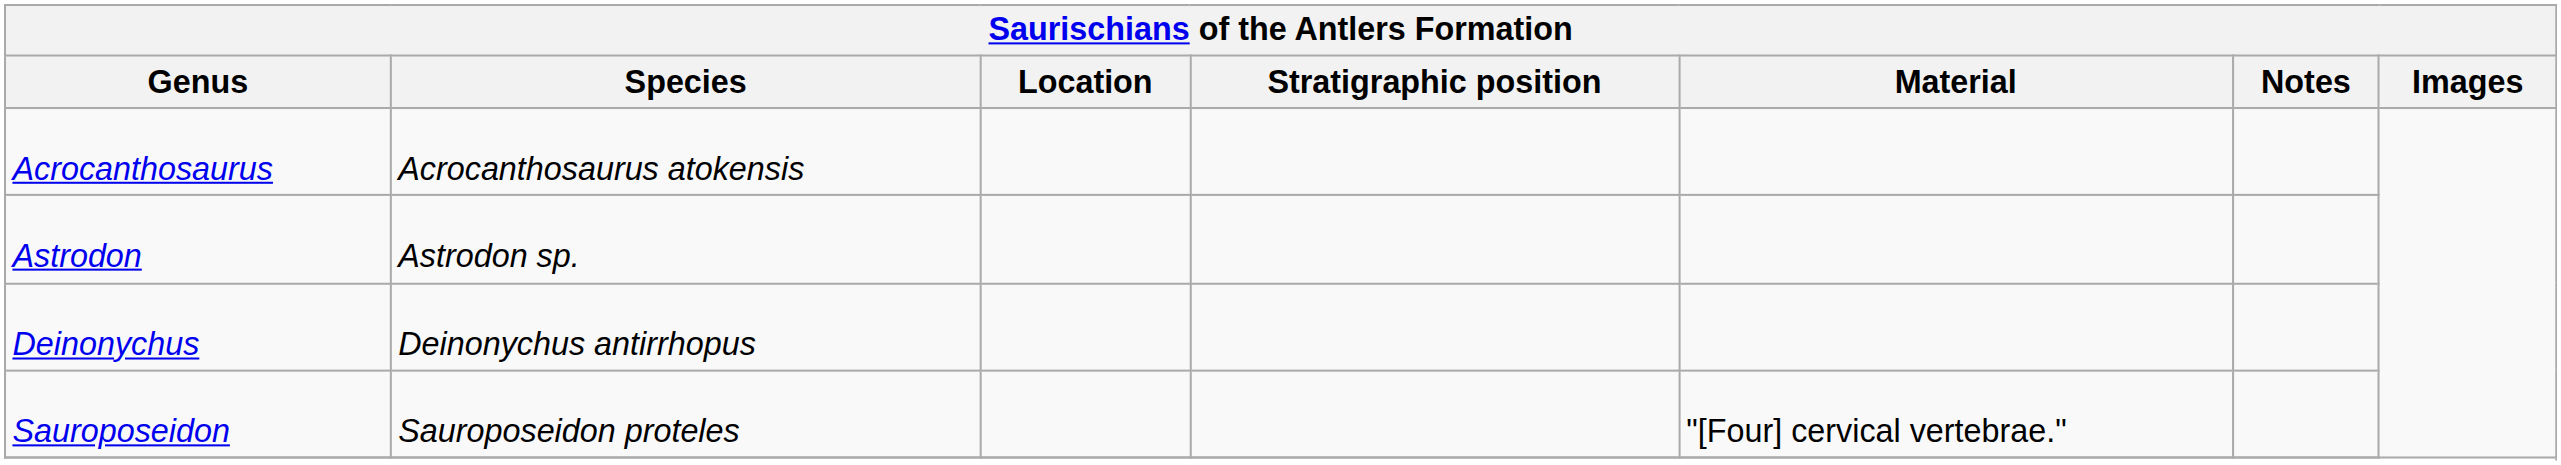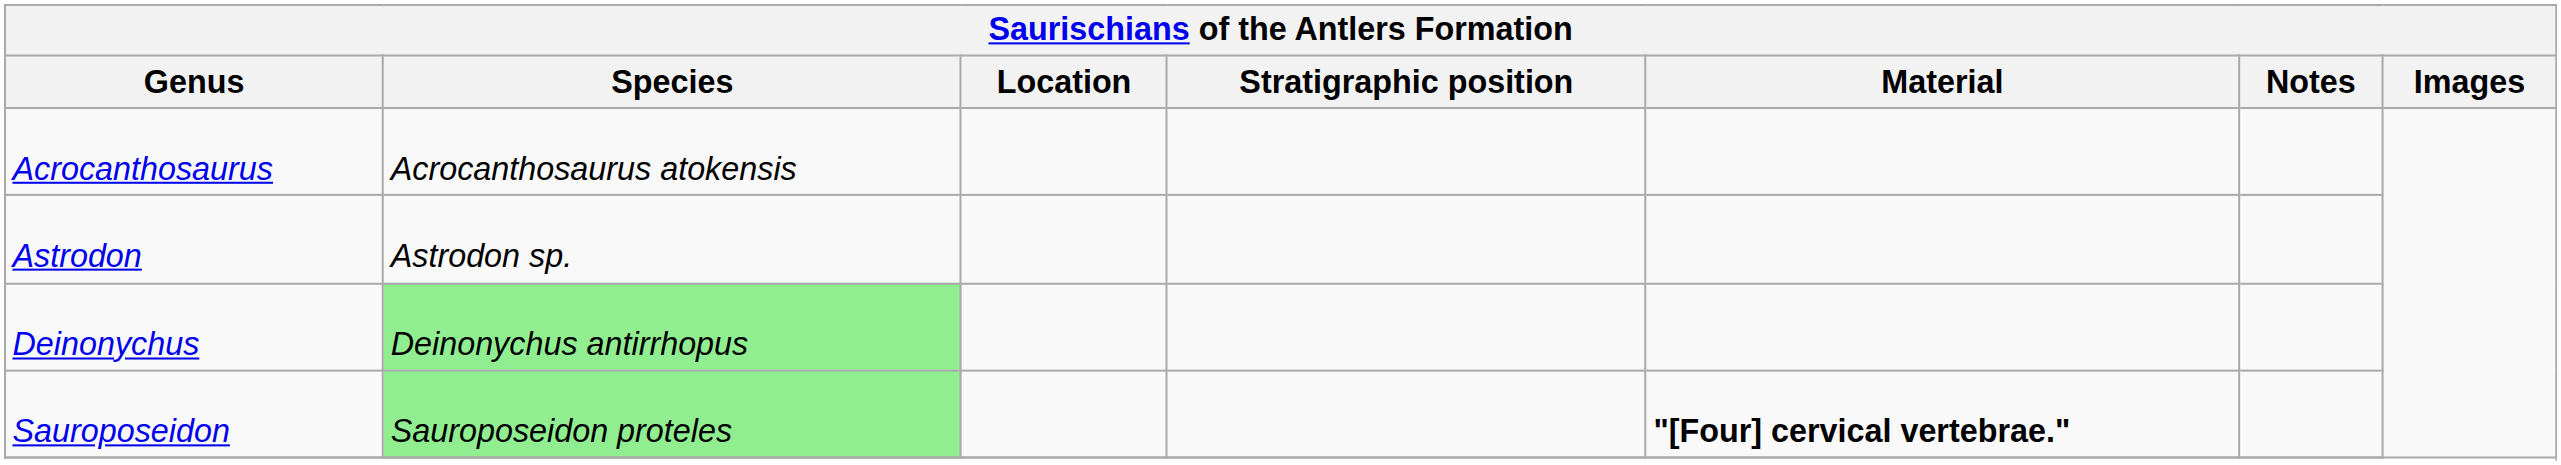 <table class="wikitable" align="center" width="100%">
 <tr>
 <th colspan="7" align="center"><strong><a href='#'>Saurischians</a> of the Antlers Formation</strong></th>
 </tr>
 <tr>
 <th>Genus</th>
 <th>Species</th>
 <th>Location</th>
 <th>Stratigraphic position</th>
 <th>Material</th>
 <th>Notes</th>
 <th>Images</th>
 </tr>
 <tr>
 <td><br><em><a href='#'>Acrocanthosaurus</a></em></td>
 <td><br><em>Acrocanthosaurus atokensis</em></td>
 <td></td>
 <td></td>
 <td></td>
 <td></td>
 <td rowspan="99"><br>   </td>
 </tr>
 <tr>
 <td><br><em><a href='#'>Astrodon</a></em></td>
 <td><br><em>Astrodon sp.</em></td>
 <td></td>
 <td></td>
 <td></td>
 <td></td>
 </tr>
 <tr>
 <td><br><em><a href='#'>Deinonychus</a></em></td>
-<td><br><em>Deinonychus antirrhopus</em></td>
+<td style="background: lightgreen;"><br><em>Deinonychus antirrhopus</em></td>
 <td></td>
 <td></td>
 <td></td>
 <td></td>
 </tr>
 <tr>
 <td><br><em><a href='#'>Sauroposeidon</a></em></td>
-<td><br><em>Sauroposeidon proteles</em></td>
+<td style="background: lightgreen;"><br><em>Sauroposeidon proteles</em></td>
 <td></td>
 <td></td>
-<td><br>"[Four] cervical vertebrae."</td>
+<td><strong><br>"[Four] cervical vertebrae."</strong></td>
 <td></td>
 </tr>
 <tr>
 </tr>
 </table>
